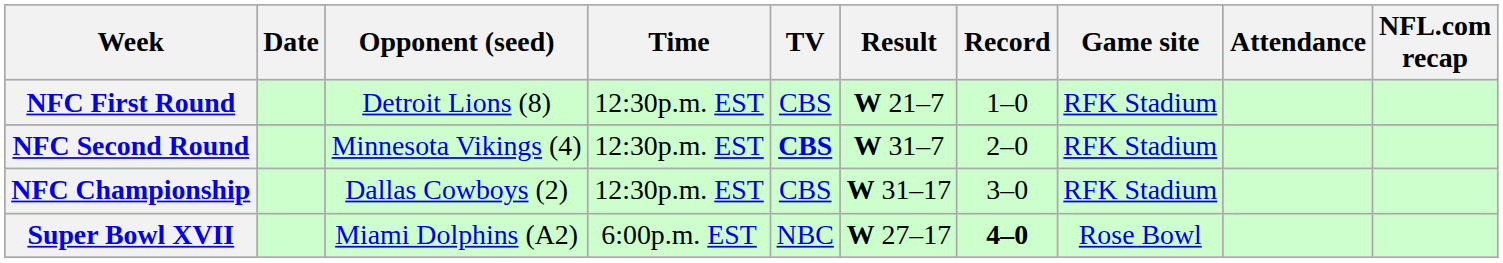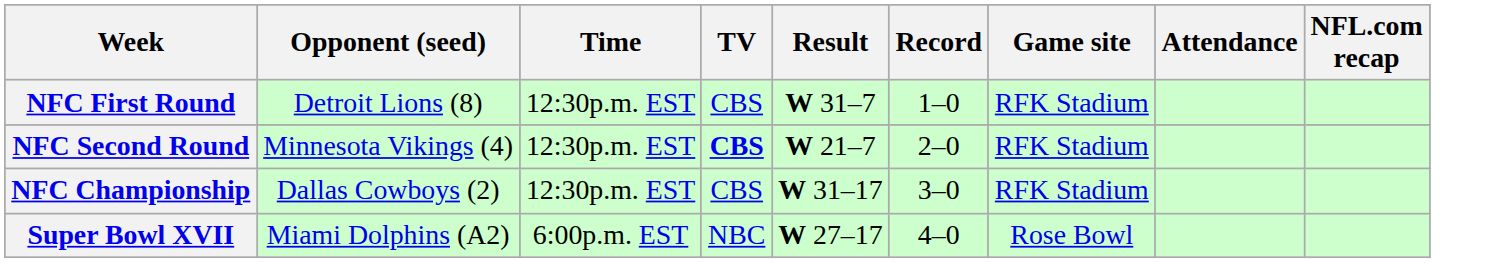 <table class="wikitable" style="text-align:center">
 <tr>
 <th>Week</th>
-<th>Date</th>
 <th>Opponent (seed)</th>
 <th>Time</th>
 <th>TV</th>
 <th>Result</th>
 <th>Record</th>
 <th>Game site</th>
 <th>Attendance</th>
 <th>NFL.com<br>recap</th>
 </tr>
 <tr style="background:#cfc">
 <th><a href='#'>NFC First Round</a></th>
-<td></td>
 <td><a href='#'>Detroit Lions</a> (8)</td>
 <td>12:30p.m. <a href='#'>EST</a></td>
 <td><a href='#'>CBS</a></td>
-<td><strong>W</strong> 21–7</td>
+<td><strong>W</strong> 31–7</td>
 <td>1–0</td>
 <td><a href='#'>RFK Stadium</a></td>
 <td></td>
 <td></td>
 </tr>
 <tr style="background:#cfc">
 <th><a href='#'>NFC Second Round</a></th>
-<td></td>
 <td><a href='#'>Minnesota Vikings</a> (4)</td>
 <td>12:30p.m. <a href='#'>EST</a></td>
 <td><strong><a href='#'>CBS</a></strong></td>
-<td><strong>W</strong> 31–7</td>
+<td><strong>W</strong> 21–7</td>
 <td>2–0</td>
 <td><a href='#'>RFK Stadium</a></td>
 <td></td>
 <td></td>
 </tr>
 <tr style="background:#cfc">
 <th><a href='#'>NFC Championship</a></th>
-<td></td>
 <td><a href='#'>Dallas Cowboys</a> (2)</td>
 <td>12:30p.m. <a href='#'>EST</a></td>
 <td><a href='#'>CBS</a></td>
 <td><strong>W</strong> 31–17</td>
 <td>3–0</td>
 <td><a href='#'>RFK Stadium</a></td>
 <td></td>
 <td></td>
 </tr>
 <tr style="background:#cfc">
 <th><a href='#'>Super Bowl XVII</a></th>
-<td></td>
 <td><a href='#'>Miami Dolphins</a> (A2)</td>
 <td>6:00p.m. <a href='#'>EST</a></td>
 <td><a href='#'>NBC</a></td>
 <td><strong>W</strong>  27–17</td>
-<td><strong>4–0</strong></td>
+<td>4–0</td>
 <td><a href='#'>Rose Bowl</a></td>
 <td></td>
 <td></td>
 </tr>
 </table>
